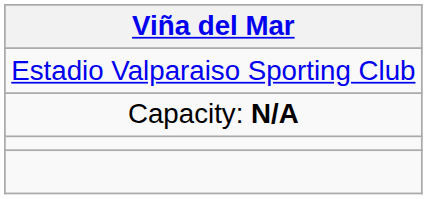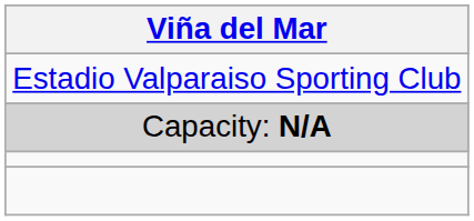 <table class="wikitable" style="margin:1em auto; text-align:center">
 <tr>
 <th> <a href='#'>Viña del Mar</a></th>
 </tr>
 <tr>
 <td><a href='#'>Estadio Valparaiso Sporting Club</a></td>
 </tr>
 <tr>
-<td>Capacity: <strong>N/A</strong></td>
+<td style="background: lightgrey;">Capacity: <strong>N/A</strong></td>
 </tr>
 <tr>
 <td></td>
 </tr>
 <tr>
 <td colspan = 1><br></td>
 </tr>
 </table>
